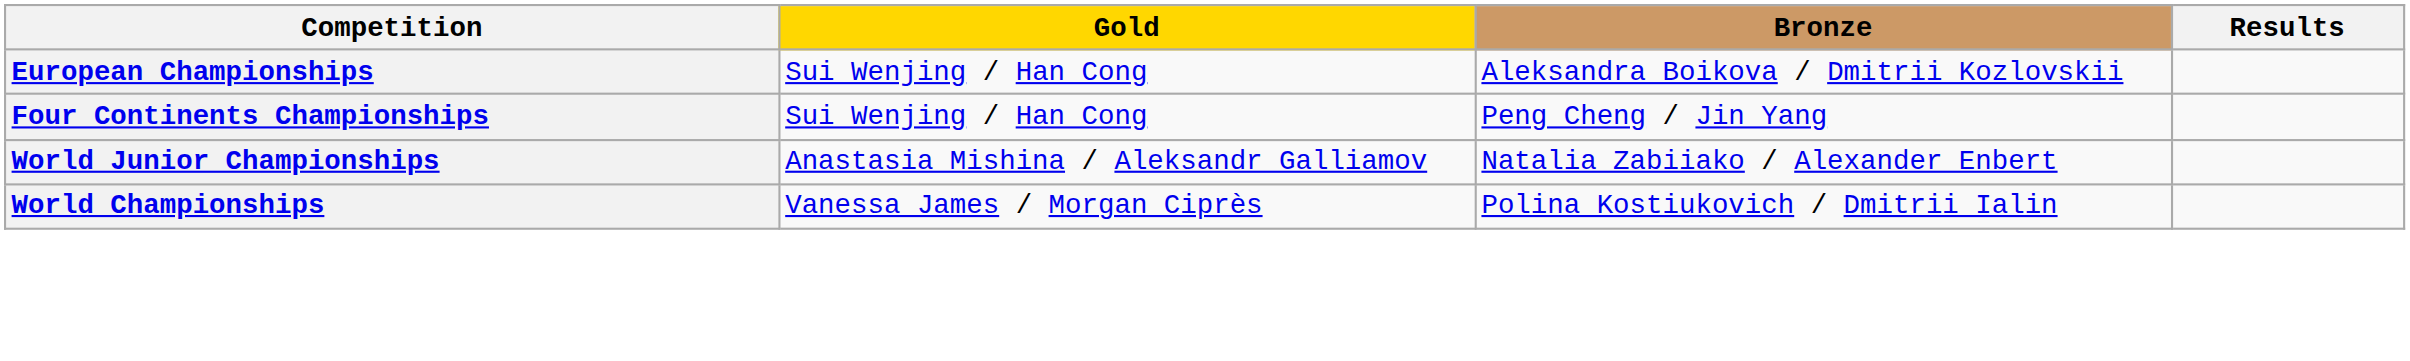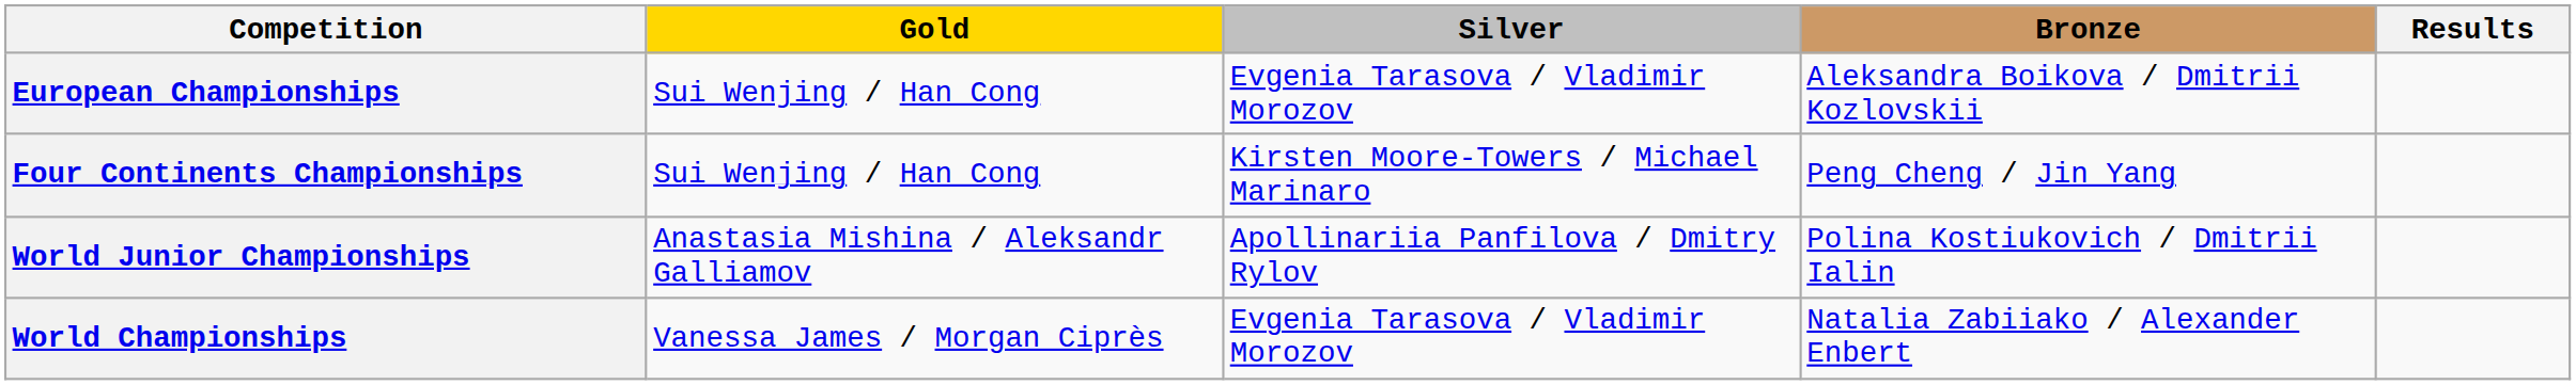 <table class="wikitable unsortable" style="text-align:left; width:90%;">
 <tr>
 <th scope="col" style="text-align:center; width:25%;">Competition</th>
 <td scope="col" style="text-align:center; width:22.5%; background:gold"><strong>Gold</strong></td>
+<td scope="col" style="text-align:center; width:22.5%; background:silver"><strong>Silver</strong></td>
 <td scope="col" style="text-align:center; width:22.5%; background:#c96"><strong>Bronze</strong></td>
 <th scope="col" style="text-align:center; width:7.5%;">Results</th>
 </tr>
 <tr>
 <th scope="row" style="text-align:left"> <a href='#'>European Championships</a></th>
 <td> <a href='#'>Sui Wenjing</a> / <a href='#'>Han Cong</a></td>
+<td> <a href='#'>Evgenia Tarasova</a> / <a href='#'>Vladimir Morozov</a></td>
 <td> <a href='#'>Aleksandra Boikova</a> / <a href='#'>Dmitrii Kozlovskii</a></td>
 <td></td>
 </tr>
 <tr>
 <th scope="row" style="text-align:left"> <a href='#'>Four Continents Championships</a></th>
 <td> <a href='#'>Sui Wenjing</a> / <a href='#'>Han Cong</a></td>
+<td> <a href='#'>Kirsten Moore-Towers</a> / <a href='#'>Michael Marinaro</a></td>
 <td> <a href='#'>Peng Cheng</a> / <a href='#'>Jin Yang</a></td>
 <td></td>
 </tr>
 <tr>
 <th scope="row" style="text-align:left"> <a href='#'>World Junior Championships</a></th>
 <td> <a href='#'>Anastasia Mishina</a> / <a href='#'>Aleksandr Galliamov</a></td>
-<td> <a href='#'>Natalia Zabiiako</a> / <a href='#'>Alexander Enbert</a></td>
+<td> <a href='#'>Apollinariia Panfilova</a> / <a href='#'>Dmitry Rylov</a></td>
+<td> <a href='#'>Polina Kostiukovich</a> / <a href='#'>Dmitrii Ialin</a></td>
 <td></td>
 </tr>
 <tr>
 <th scope="row" style="text-align:left"> <a href='#'>World Championships</a></th>
 <td> <a href='#'>Vanessa James</a> / <a href='#'>Morgan Ciprès</a></td>
-<td> <a href='#'>Polina Kostiukovich</a> / <a href='#'>Dmitrii Ialin</a></td>
+<td> <a href='#'>Evgenia Tarasova</a> / <a href='#'>Vladimir Morozov</a></td>
+<td> <a href='#'>Natalia Zabiiako</a> / <a href='#'>Alexander Enbert</a></td>
 <td></td>
 </tr>
 </table>
